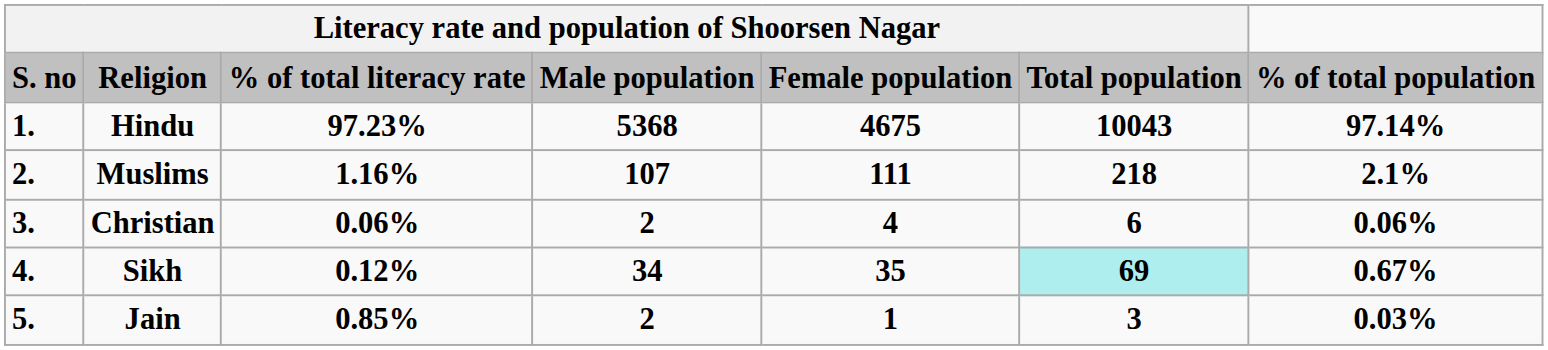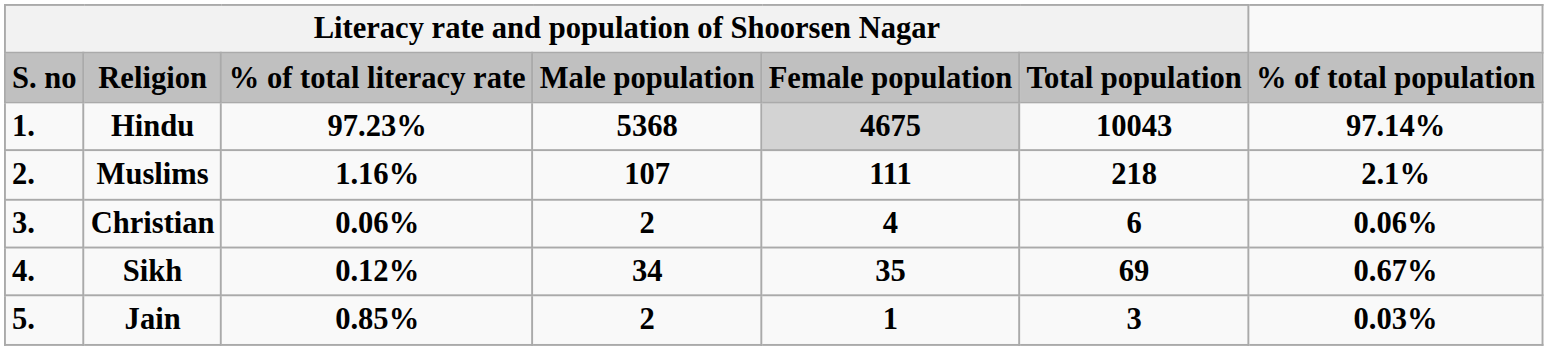 <table class="wikitable" width="auto" style="text-align: center">
 <tr>
 <th colspan="6">Literacy rate and population of <strong>Shoorsen Nagar</strong></th>
 </tr>
 <tr style="background:#efefef;">
 <td style="background: silver"><strong>S. no</strong></td>
 <td style="background: silver"><strong>Religion</strong></td>
 <td style="background: silver"><strong>% of total literacy rate</strong></td>
 <td style="background: silver"><strong>Male population</strong></td>
 <td style="background: silver"><strong>Female population</strong></td>
 <td style="background: silver"><strong>Total population</strong></td>
 <td style="background: silver"><strong>% of total population</strong></td>
 </tr>
 <tr>
 <td style="text-align:left;"><strong>1.</strong></td>
 <td style="text-align:center;"><strong>Hindu</strong></td>
 <td style="text-align:center;"><strong>97.23%</strong></td>
 <td style="text-align:center;"><strong>5368</strong></td>
-<td style="text-align:center;"><strong>4675</strong></td>
+<td style="background: lightgrey; text-align:center;"><strong>4675</strong></td>
 <td style="text-align:center;"><strong>10043</strong></td>
 <td style="text-align:center;"><strong>97.14%</strong></td>
 </tr>
 <tr>
 <td style="text-align:left;"><strong>2.</strong></td>
 <td style="text-align:center;"><strong>Muslims</strong></td>
 <td style="text-align:center;"><strong>1.16%</strong></td>
 <td style="text-align:center;"><strong>107</strong></td>
 <td style="text-align:center;"><strong>111</strong></td>
 <td style="text-align:center;"><strong>218</strong></td>
 <td style="text-align:center;"><strong>2.1%</strong></td>
 </tr>
 <tr>
 <td style="text-align:left;"><strong>3.</strong></td>
 <td style="text-align:center;"><strong>Christian</strong></td>
 <td style="text-align:center;"><strong>0.06%</strong></td>
 <td style="text-align:center;"><strong>2</strong></td>
 <td style="text-align:center;"><strong>4</strong></td>
 <td style="text-align:center;"><strong>6</strong></td>
 <td style="text-align:center;"><strong>0.06%</strong></td>
 </tr>
 <tr>
 <td style="text-align:left;"><strong>4.</strong></td>
 <td style="text-align:center;"><strong>Sikh</strong></td>
 <td style="text-align:center;"><strong>0.12%</strong></td>
 <td style="text-align:center;"><strong>34</strong></td>
 <td style="text-align:center;"><strong>35</strong></td>
-<td style="background: paleturquoise; text-align:center;"><strong>69</strong></td>
+<td style="text-align:center;"><strong>69</strong></td>
 <td style="text-align:center;"><strong>0.67%</strong></td>
 </tr>
 <tr>
 <td style="text-align:left;"><strong>5.</strong></td>
 <td style="text-align:center;"><strong>Jain</strong></td>
 <td style="text-align:center;"><strong>0.85%</strong></td>
 <td style="text-align:center;"><strong>2</strong></td>
 <td style="text-align:center;"><strong>1</strong></td>
 <td style="text-align:center;"><strong>3</strong></td>
 <td style="text-align:center;"><strong>0.03%</strong></td>
 </tr>
 </table>
